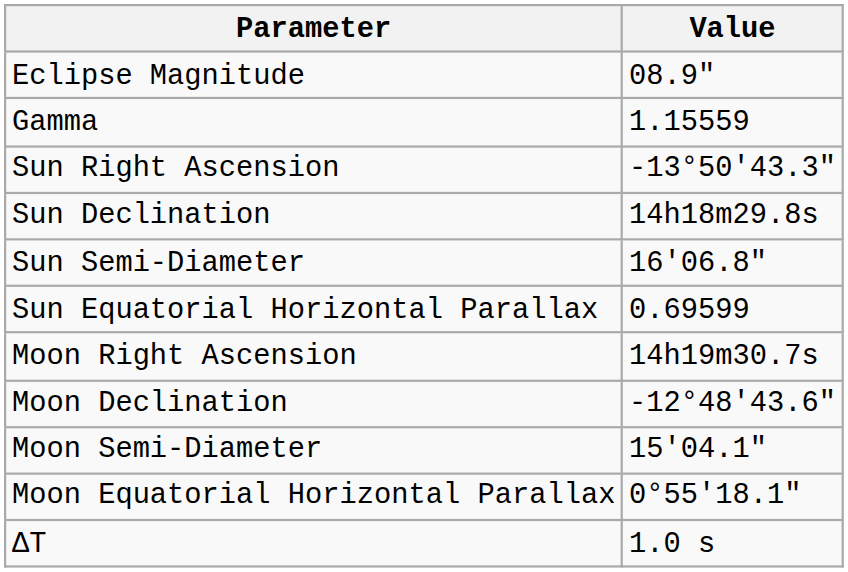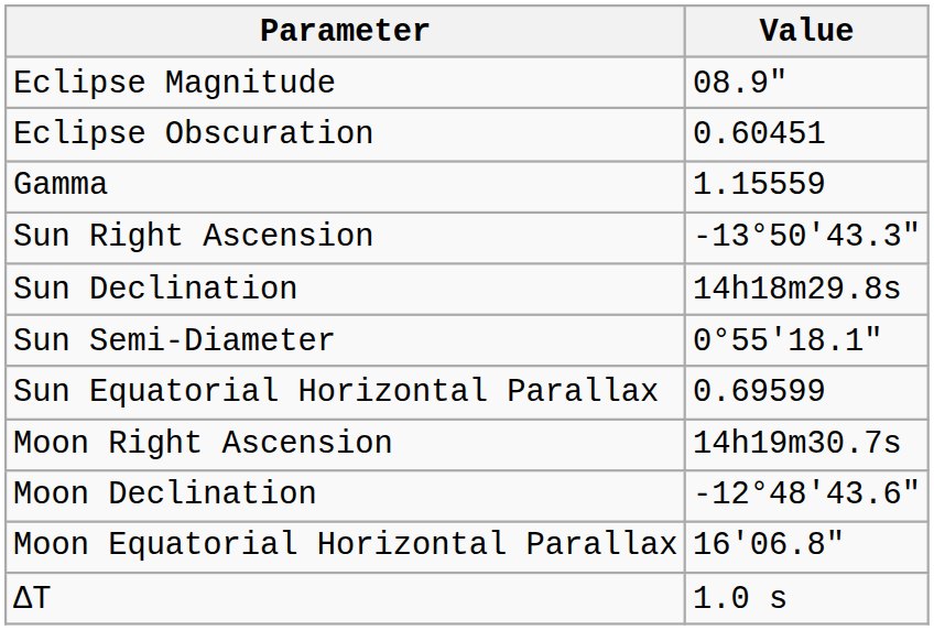 <table class="wikitable">
 <tr>
 <th>Parameter</th>
 <th>Value</th>
 </tr>
 <tr>
 <td>Eclipse Magnitude</td>
 <td>08.9"</td>
+</tr>
+<tr>
+<td>Eclipse Obscuration</td>
+<td>0.60451</td>
 </tr>
 <tr>
 <td>Gamma</td>
 <td>1.15559</td>
 </tr>
 <tr>
 <td>Sun Right Ascension</td>
 <td>-13°50'43.3"</td>
 </tr>
 <tr>
 <td>Sun Declination</td>
 <td>14h18m29.8s</td>
 </tr>
 <tr>
 <td>Sun Semi-Diameter</td>
-<td>16'06.8"</td>
+<td>0°55'18.1"</td>
 </tr>
 <tr>
 <td>Sun Equatorial Horizontal Parallax</td>
 <td>0.69599</td>
 </tr>
 <tr>
 <td>Moon Right Ascension</td>
 <td>14h19m30.7s</td>
 </tr>
 <tr>
 <td>Moon Declination</td>
 <td>-12°48'43.6"</td>
 </tr>
 <tr>
-<td>Moon Semi-Diameter</td>
-<td>15'04.1"</td>
-</tr>
-<tr>
 <td>Moon Equatorial Horizontal Parallax</td>
-<td>0°55'18.1"</td>
+<td>16'06.8"</td>
 </tr>
 <tr>
 <td>ΔT</td>
 <td>1.0 s</td>
 </tr>
 </table>
